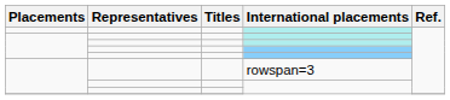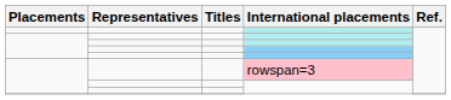 <table class="wikitable" style="font-size: 95%;">
 <tr>
 <th>Placements</th>
 <th>Representatives</th>
 <th>Titles</th>
 <th>International placements</th>
 <th>Ref.</th>
 </tr>
 <tr>
 <td></td>
 <td></td>
 <td></td>
 <td style="background:#AFEEEE;"></td>
 <td rowspan="8"></td>
 </tr>
 <tr>
 <td rowspan="4"></td>
 <td></td>
 <td></td>
 <td style="background:#AFEEEE;"></td>
 </tr>
 <tr>
 <td></td>
 <td></td>
 <td style="background:#AFEEEE;"></td>
 </tr>
 <tr>
 <td></td>
 <td></td>
 <td style="background:#87CEFA;"></td>
 </tr>
 <tr>
 <td></td>
 <td></td>
 <td style="background:#87CEFA;"></td>
 </tr>
 <tr>
 <td rowspan="3"></td>
 <td></td>
 <td></td>
-<td>rowspan=3 </td>
+<td style="background: pink;">rowspan=3 </td>
 </tr>
 <tr>
 <td></td>
 <td></td>
 </tr>
 <tr>
 <td></td>
 <td></td>
 </tr>
 <tr>
 </tr>
 </table>
